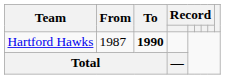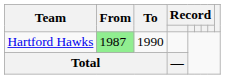 <table class="wikitable" style="text-align: center">
 <tr>
 <th rowspan="2">Team</th>
 <th rowspan="2">From</th>
 <th rowspan="2">To</th>
 <th colspan="5">Record</th>
 <th rowspan="2"></th>
 </tr>
 <tr>
 <th></th>
 <th></th>
 <th></th>
 <th></th>
 <th></th>
 </tr>
 <tr>
 <td align="left"><a href='#'>Hartford Hawks</a></td>
-<td align="left">1987</td>
-<td align="left"><strong>1990<br></strong></td>
+<td align="left" style="background: lightgreen;">1987</td>
+<td align="left">1990<br></td>
 <td></td>
 </tr>
 <tr>
 <th colspan="3">Total<br></th>
 <th>—</th>
 </tr>
 </table>
